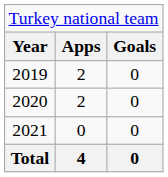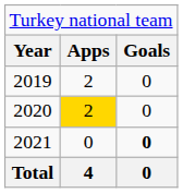 <table class="wikitable" style="text-align:center">
 <tr>
 <td colspan="3"><a href='#'>Turkey national team</a></td>
 </tr>
 <tr>
 <th>Year</th>
 <th>Apps</th>
 <th>Goals</th>
 </tr>
 <tr>
 <td>2019</td>
 <td>2</td>
 <td>0</td>
 </tr>
 <tr>
 <td>2020</td>
-<td>2</td>
+<td style="background: gold;">2</td>
 <td>0</td>
 </tr>
 <tr>
 <td>2021</td>
 <td>0</td>
-<td>0</td>
+<td><strong>0</strong></td>
 </tr>
 <tr>
 <th>Total</th>
 <th>4</th>
 <th>0</th>
 </tr>
 </table>
